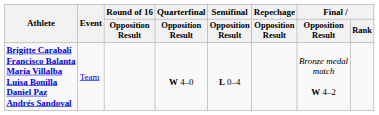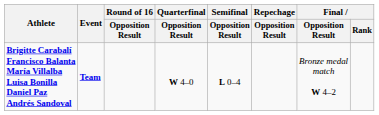 <table class=wikitable style=font-size:90%>
 <tr>
 <th rowspan=2>Athlete</th>
 <th rowspan=2>Event</th>
 <th>Round of 16</th>
 <th>Quarterfinal</th>
 <th>Semifinal</th>
 <th>Repechage</th>
 <th colspan=2>Final / </th>
 </tr>
 <tr style=font-size:95%>
 <th>Opposition<br>Result</th>
 <th>Opposition<br>Result</th>
 <th>Opposition<br>Result</th>
 <th>Opposition<br>Result</th>
 <th>Opposition<br>Result</th>
 <th>Rank</th>
 </tr>
 <tr align=center>
 <td align=left><strong><a href='#'>Brigitte Carabalí</a><br><a href='#'>Francisco Balanta</a><br><a href='#'>María Villalba</a><br><a href='#'>Luisa Bonilla</a><br><a href='#'>Daniel Paz</a><br><a href='#'>Andrés Sandoval</a></strong></td>
-<td align=left><a href='#'>Team</a></td>
+<td align=left><strong><a href='#'>Team</a></strong></td>
 <td></td>
 <td><br><strong>W</strong> 4–0</td>
 <td><br><strong>L</strong> 0–4</td>
 <td></td>
 <td><em>Bronze medal<br>match</em><br><br><strong>W</strong> 4–2</td>
 <td></td>
 </tr>
 </table>
